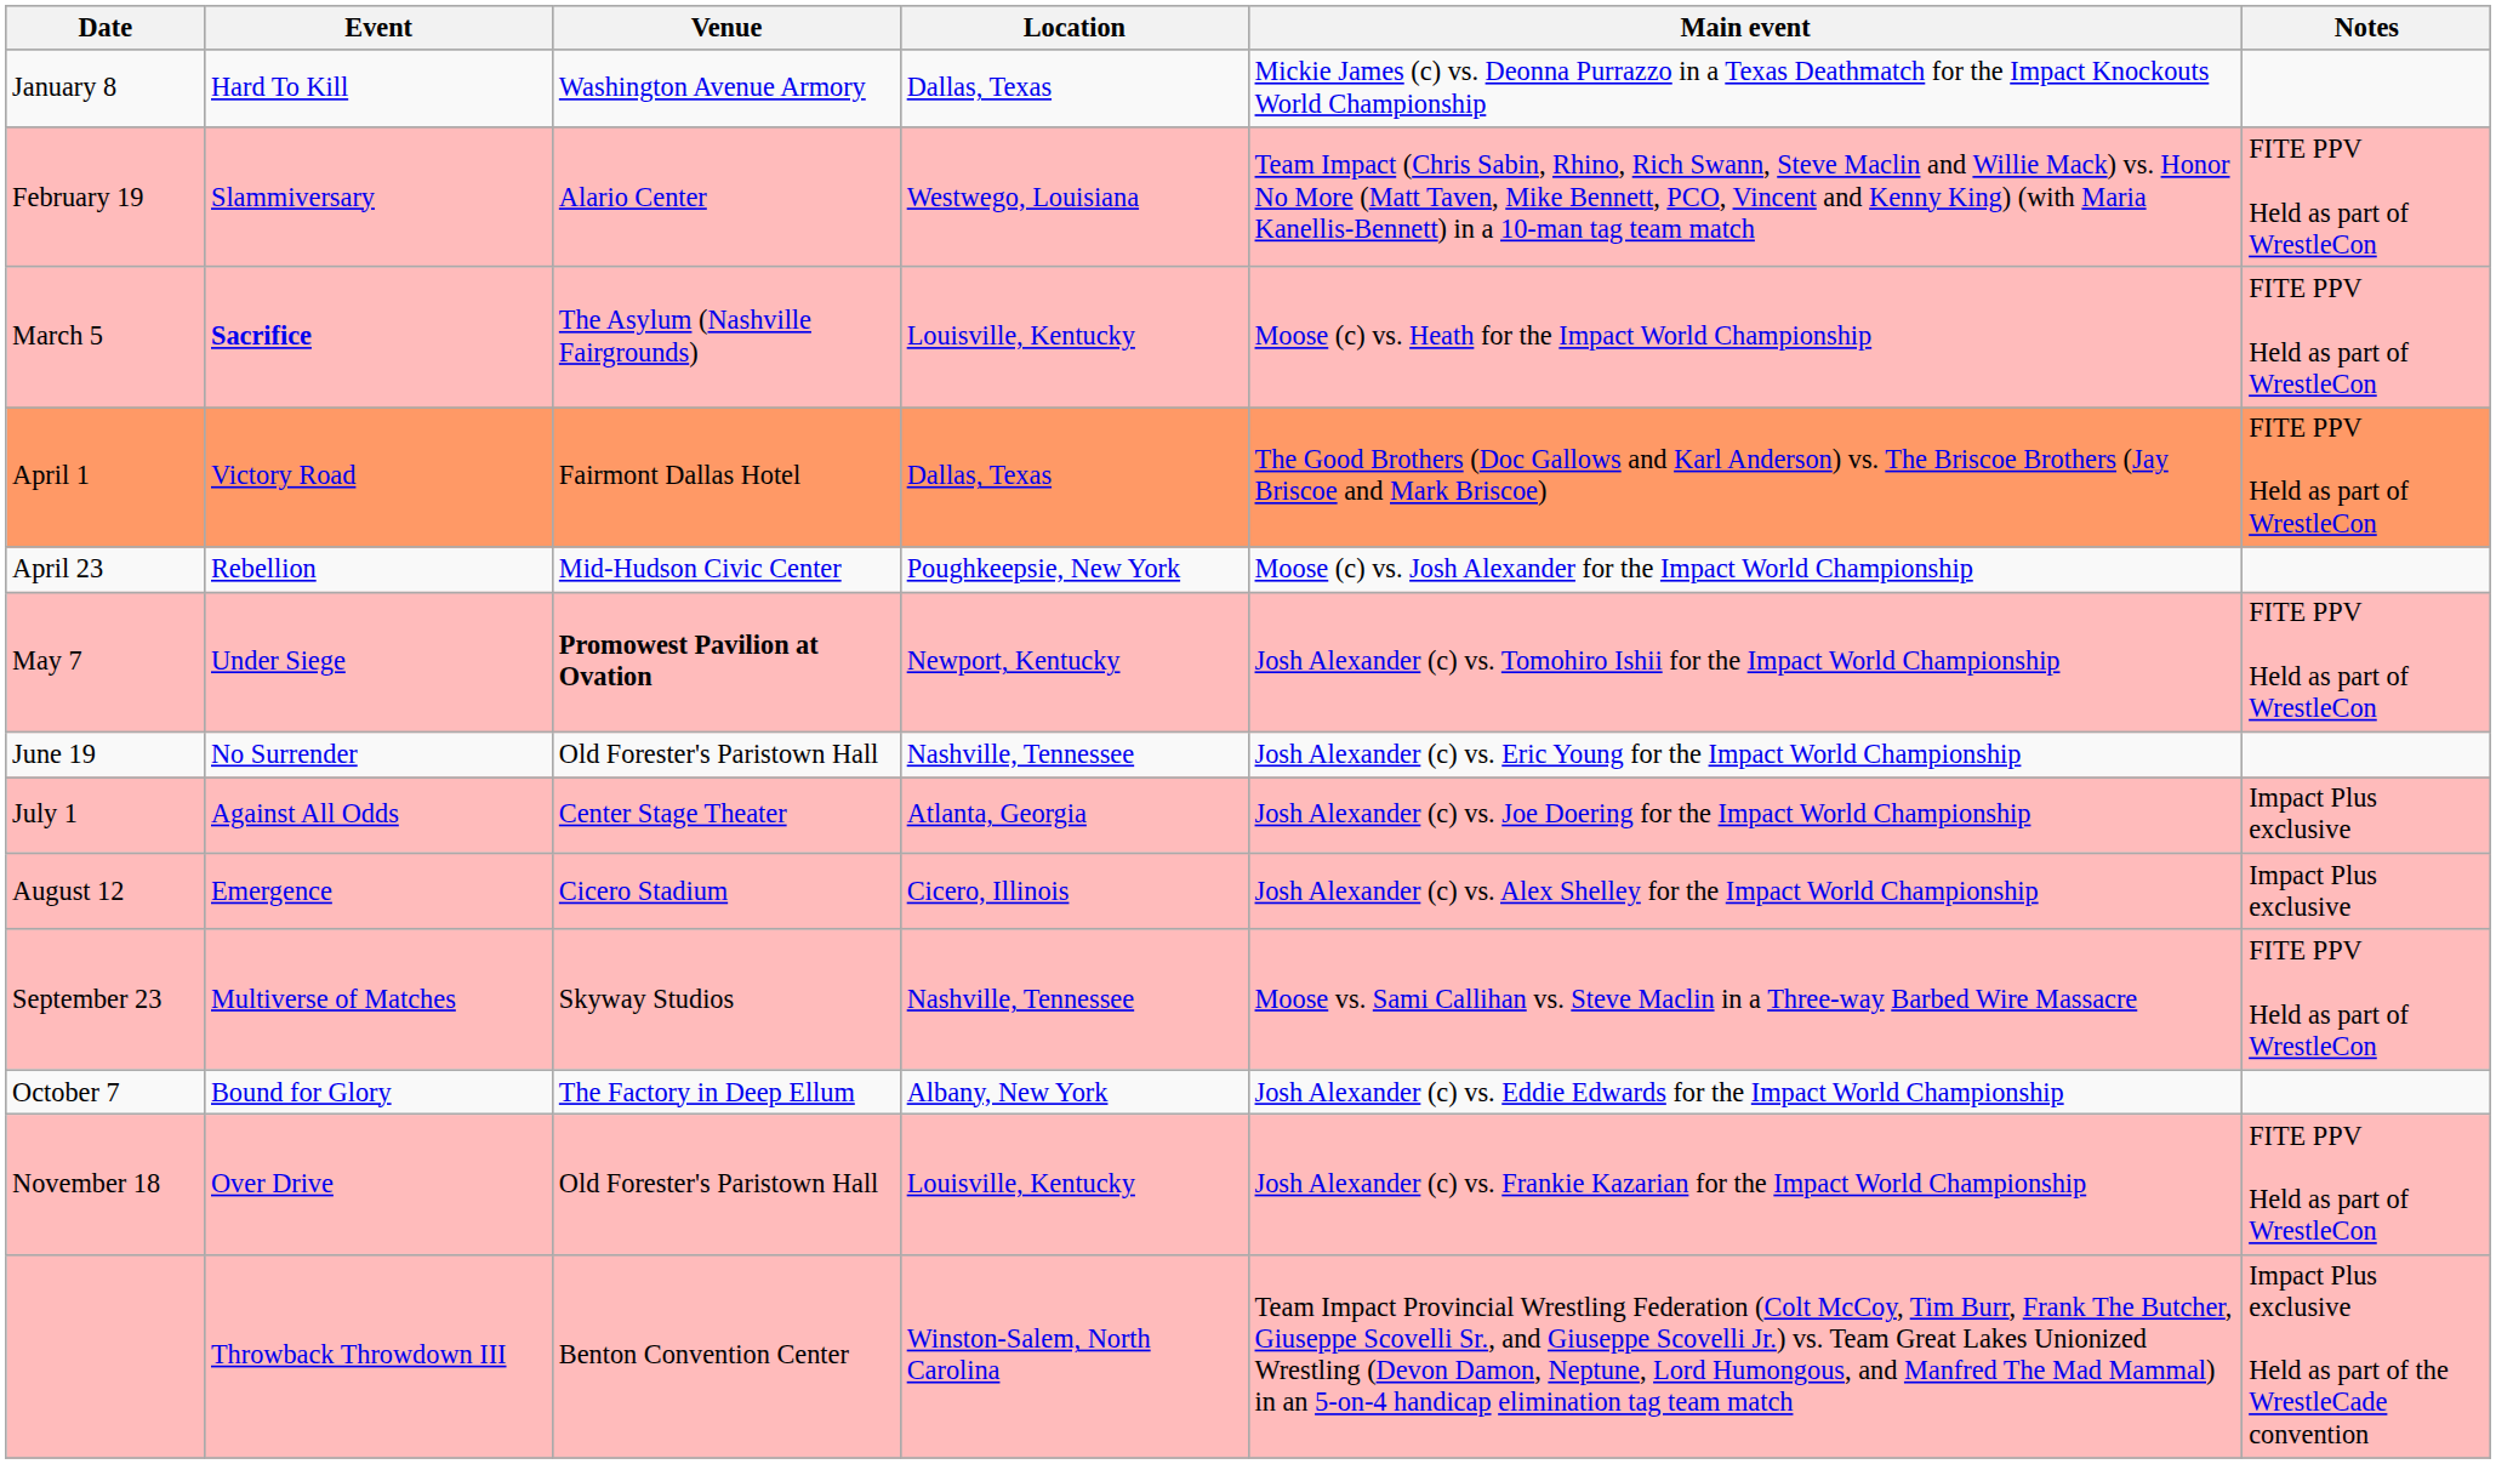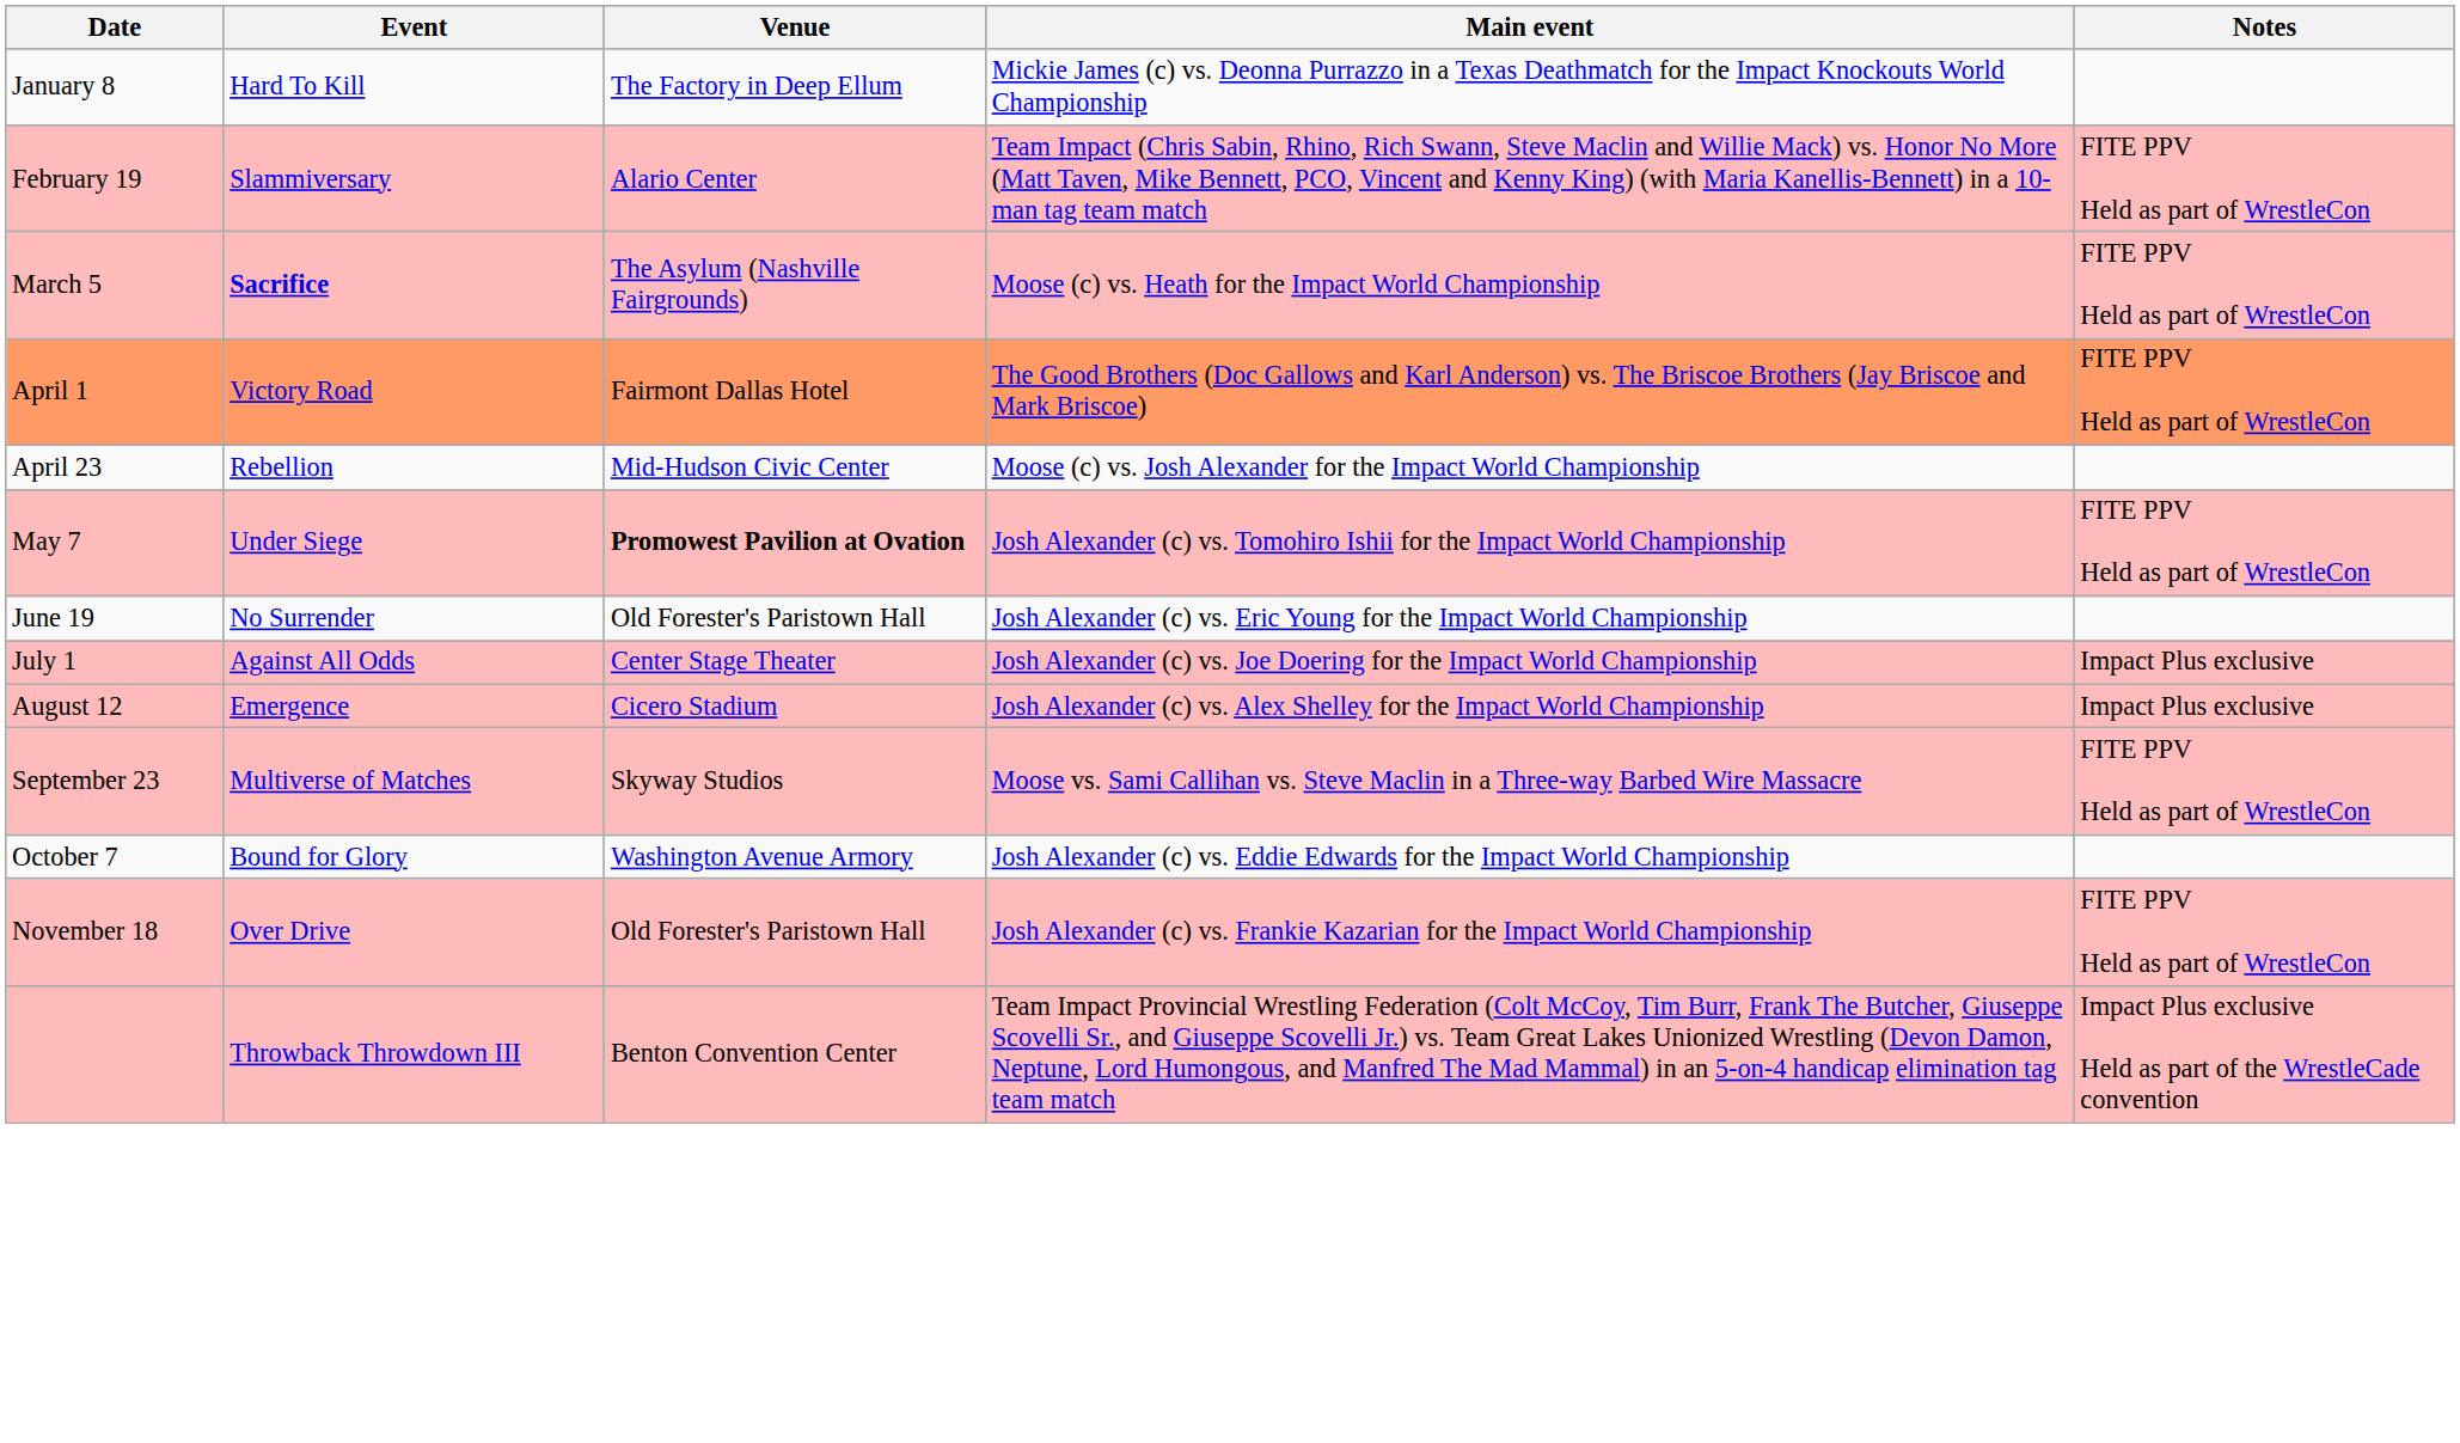 <table class="sortable wikitable succession-box" style="font-size:85%;">
 <tr>
 <th width=8%>Date</th>
 <th width=14%>Event</th>
 <th width=14%>Venue</th>
-<th width=14%>Location</th>
 <th width=40%>Main event</th>
 <th width=14%>Notes</th>
 </tr>
 <tr>
 <td>January 8</td>
 <td><a href='#'>Hard To Kill</a></td>
-<td><a href='#'>Washington Avenue Armory</a></td>
-<td><a href='#'>Dallas, Texas</a></td>
+<td><a href='#'>The Factory in Deep Ellum</a></td>
 <td><a href='#'>Mickie James</a> (c) vs. <a href='#'>Deonna Purrazzo</a> in a <a href='#'>Texas Deathmatch</a> for the <a href='#'>Impact Knockouts World Championship</a></td>
 <td></td>
 </tr>
 <tr style="background: #FBB">
 <td>February 19</td>
 <td><a href='#'>Slammiversary</a></td>
 <td><a href='#'>Alario Center</a></td>
-<td><a href='#'>Westwego, Louisiana</a></td>
 <td><a href='#'>Team Impact</a> (<a href='#'>Chris Sabin</a>, <a href='#'>Rhino</a>, <a href='#'>Rich Swann</a>, <a href='#'>Steve Maclin</a> and <a href='#'>Willie Mack</a>) vs. <a href='#'>Honor No More</a> (<a href='#'>Matt Taven</a>, <a href='#'>Mike Bennett</a>, <a href='#'>PCO</a>, <a href='#'>Vincent</a> and <a href='#'>Kenny King</a>) (with <a href='#'>Maria Kanellis-Bennett</a>) in a <a href='#'>10-man tag team match</a></td>
 <td>FITE PPV<br><br>Held as part of <a href='#'>WrestleCon</a></td>
 </tr>
 <tr style="background: #FBB">
 <td>March 5</td>
 <td><strong><a href='#'>Sacrifice</a></strong></td>
 <td><a href='#'>The Asylum</a> (<a href='#'>Nashville Fairgrounds</a>)</td>
-<td><a href='#'>Louisville, Kentucky</a></td>
 <td><a href='#'>Moose</a> (c) vs. <a href='#'>Heath</a> for the <a href='#'>Impact World Championship</a></td>
 <td>FITE PPV<br><br>Held as part of <a href='#'>WrestleCon</a></td>
 </tr>
 <tr style="background: #FF9966">
 <td>April 1</td>
 <td><a href='#'>Victory Road</a></td>
 <td>Fairmont Dallas Hotel</td>
-<td><a href='#'>Dallas, Texas</a></td>
 <td><a href='#'>The Good Brothers</a> (<a href='#'>Doc Gallows</a> and <a href='#'>Karl Anderson</a>) vs. <a href='#'>The Briscoe Brothers</a> (<a href='#'>Jay Briscoe</a> and <a href='#'>Mark Briscoe</a>)</td>
 <td>FITE PPV<br><br>Held as part of <a href='#'>WrestleCon</a></td>
 </tr>
 <tr>
 <td>April 23</td>
 <td><a href='#'>Rebellion</a></td>
 <td><a href='#'>Mid-Hudson Civic Center</a></td>
-<td><a href='#'>Poughkeepsie, New York</a></td>
 <td><a href='#'>Moose</a> (c) vs. <a href='#'>Josh Alexander</a> for the <a href='#'>Impact World Championship</a></td>
 <td></td>
 </tr>
 <tr style="background: #FBB">
 <td>May 7</td>
 <td><a href='#'>Under Siege</a></td>
 <td><strong>Promowest Pavilion at Ovation</strong></td>
-<td><a href='#'>Newport, Kentucky</a></td>
 <td><a href='#'>Josh Alexander</a> (c) vs. <a href='#'>Tomohiro Ishii</a> for the <a href='#'>Impact World Championship</a></td>
 <td>FITE PPV<br><br>Held as part of <a href='#'>WrestleCon</a></td>
 </tr>
 <tr>
 <td>June 19</td>
 <td><a href='#'>No Surrender</a></td>
 <td>Old Forester's Paristown Hall</td>
-<td><a href='#'>Nashville, Tennessee</a></td>
 <td><a href='#'>Josh Alexander</a> (c) vs. <a href='#'>Eric Young</a> for the <a href='#'>Impact World Championship</a></td>
 <td></td>
 </tr>
 <tr style="background: #FBB">
 <td>July 1</td>
 <td><a href='#'>Against All Odds</a></td>
 <td><a href='#'>Center Stage Theater</a></td>
-<td><a href='#'>Atlanta, Georgia</a></td>
 <td><a href='#'>Josh Alexander</a> (c) vs. <a href='#'>Joe Doering</a> for the <a href='#'>Impact World Championship</a></td>
 <td>Impact Plus exclusive</td>
 </tr>
 <tr style="background: #FBB">
 <td>August 12</td>
 <td><a href='#'>Emergence</a></td>
 <td><a href='#'>Cicero Stadium</a></td>
-<td><a href='#'>Cicero, Illinois</a></td>
 <td><a href='#'>Josh Alexander</a> (c) vs. <a href='#'>Alex Shelley</a> for the <a href='#'>Impact World Championship</a></td>
 <td>Impact Plus exclusive</td>
 </tr>
 <tr style="background: #FBB">
 <td>September 23</td>
 <td><a href='#'>Multiverse of Matches</a></td>
 <td>Skyway Studios</td>
-<td><a href='#'>Nashville, Tennessee</a></td>
 <td><a href='#'>Moose</a> vs. <a href='#'>Sami Callihan</a> vs. <a href='#'>Steve Maclin</a> in a <a href='#'>Three-way</a> <a href='#'>Barbed Wire Massacre</a></td>
 <td>FITE PPV<br><br>Held as part of <a href='#'>WrestleCon</a></td>
 </tr>
 <tr>
 <td>October 7</td>
 <td><a href='#'>Bound for Glory</a></td>
-<td><a href='#'>The Factory in Deep Ellum</a></td>
-<td><a href='#'>Albany, New York</a></td>
+<td><a href='#'>Washington Avenue Armory</a></td>
 <td><a href='#'>Josh Alexander</a> (c) vs. <a href='#'>Eddie Edwards</a> for the <a href='#'>Impact World Championship</a></td>
 <td></td>
 </tr>
 <tr style="background: #FBB">
 <td>November 18</td>
 <td><a href='#'>Over Drive</a></td>
 <td>Old Forester's Paristown Hall</td>
-<td><a href='#'>Louisville, Kentucky</a></td>
 <td><a href='#'>Josh Alexander</a> (c) vs. <a href='#'>Frankie Kazarian</a> for the <a href='#'>Impact World Championship</a></td>
 <td>FITE PPV<br><br>Held as part of <a href='#'>WrestleCon</a></td>
 </tr>
 <tr style="background: #FBB">
 <td></td>
 <td><a href='#'>Throwback Throwdown III</a></td>
 <td>Benton Convention Center</td>
-<td><a href='#'>Winston-Salem, North Carolina</a></td>
 <td>Team Impact Provincial Wrestling Federation (<a href='#'>Colt McCoy</a>, <a href='#'>Tim Burr</a>, <a href='#'>Frank The Butcher</a>, <a href='#'>Giuseppe Scovelli Sr.</a>, and <a href='#'>Giuseppe Scovelli Jr.</a>) vs. Team Great Lakes Unionized Wrestling (<a href='#'>Devon Damon</a>, <a href='#'>Neptune</a>, <a href='#'>Lord Humongous</a>, and <a href='#'>Manfred The Mad Mammal</a>) in an <a href='#'>5-on-4 handicap</a> <a href='#'>elimination tag team match</a></td>
 <td>Impact Plus exclusive<br><br>Held as part of the <a href='#'>WrestleCade</a> convention</td>
 </tr>
 </table>
